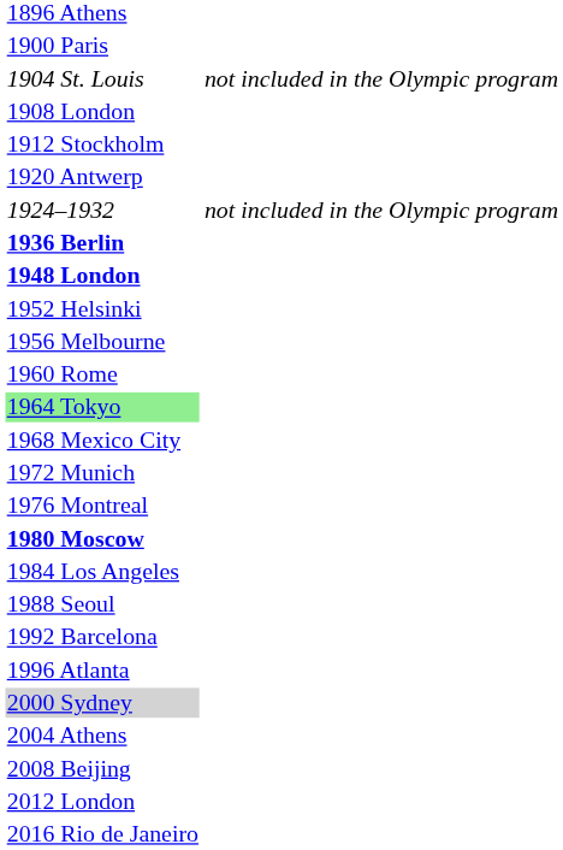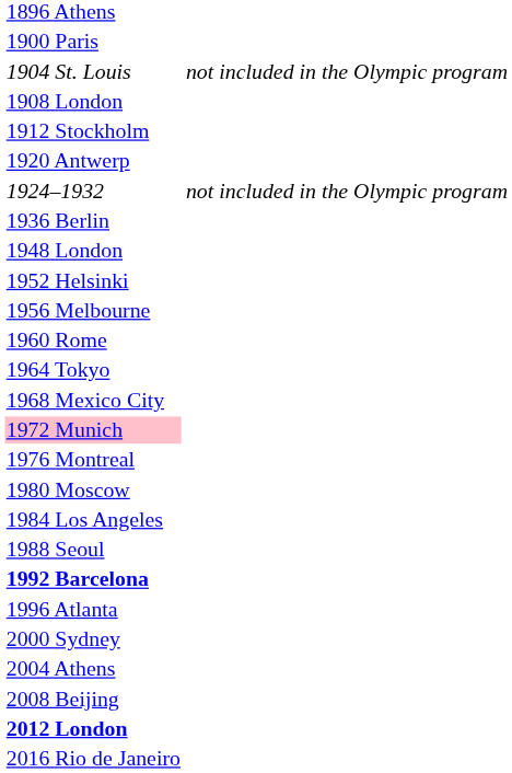 <table>
 <tr>
 <td><a href='#'>1896 Athens</a><br></td>
 <td></td>
 <td></td>
 <td></td>
 </tr>
 <tr>
 <td><a href='#'>1900 Paris</a><br></td>
 <td></td>
 <td></td>
 <td></td>
 </tr>
 <tr>
 <td><em>1904 St. Louis</em></td>
 <td colspan=3 align=center><em>not included in the Olympic program</em></td>
 </tr>
 <tr>
 <td><a href='#'>1908 London</a><br></td>
 <td></td>
 <td></td>
 <td></td>
 </tr>
 <tr>
 <td><a href='#'>1912 Stockholm</a><br></td>
 <td></td>
 <td></td>
 <td></td>
 </tr>
 <tr>
 <td><a href='#'>1920 Antwerp</a><br></td>
 <td></td>
 <td></td>
 <td></td>
 </tr>
 <tr>
 <td><em>1924–1932</em></td>
 <td colspan=3 align=center><em>not included in the Olympic program</em></td>
 </tr>
 <tr>
-<td><strong><a href='#'>1936 Berlin</a><br></strong></td>
+<td><a href='#'>1936 Berlin</a><br></td>
 <td></td>
 <td></td>
 <td></td>
 </tr>
 <tr>
-<td><strong><a href='#'>1948 London</a><br></strong></td>
+<td><a href='#'>1948 London</a><br></td>
 <td></td>
 <td></td>
 <td></td>
 </tr>
 <tr>
 <td><a href='#'>1952 Helsinki</a><br></td>
 <td></td>
 <td></td>
 <td></td>
 </tr>
 <tr>
 <td><a href='#'>1956 Melbourne</a><br></td>
 <td></td>
 <td></td>
 <td></td>
 </tr>
 <tr>
 <td><a href='#'>1960 Rome</a><br></td>
 <td></td>
 <td></td>
 <td></td>
 </tr>
 <tr>
-<td style="background: lightgreen;"><a href='#'>1964 Tokyo</a><br></td>
+<td><a href='#'>1964 Tokyo</a><br></td>
 <td></td>
 <td></td>
 <td></td>
 </tr>
 <tr>
 <td><a href='#'>1968 Mexico City</a><br></td>
 <td></td>
 <td></td>
 <td></td>
 </tr>
 <tr>
-<td><a href='#'>1972 Munich</a><br></td>
+<td style="background: pink;"><a href='#'>1972 Munich</a><br></td>
 <td></td>
 <td></td>
 <td></td>
 </tr>
 <tr>
 <td><a href='#'>1976 Montreal</a><br></td>
 <td></td>
 <td></td>
 <td></td>
 </tr>
 <tr>
-<td><strong><a href='#'>1980 Moscow</a><br></strong></td>
+<td><a href='#'>1980 Moscow</a><br></td>
 <td></td>
 <td></td>
 <td></td>
 </tr>
 <tr>
 <td><a href='#'>1984 Los Angeles</a><br></td>
 <td></td>
 <td></td>
 <td></td>
 </tr>
 <tr>
 <td><a href='#'>1988 Seoul</a><br></td>
 <td></td>
 <td></td>
 <td></td>
 </tr>
 <tr>
-<td><a href='#'>1992 Barcelona</a><br></td>
+<td><strong><a href='#'>1992 Barcelona</a><br></strong></td>
 <td></td>
 <td></td>
 <td></td>
 </tr>
 <tr>
 <td><a href='#'>1996 Atlanta</a><br></td>
 <td></td>
 <td></td>
 <td></td>
 </tr>
 <tr>
-<td style="background: lightgrey;"><a href='#'>2000 Sydney</a><br></td>
+<td><a href='#'>2000 Sydney</a><br></td>
 <td></td>
 <td></td>
 <td></td>
 </tr>
 <tr>
 <td><a href='#'>2004 Athens</a><br></td>
 <td></td>
 <td></td>
 <td></td>
 </tr>
 <tr>
 <td><a href='#'>2008 Beijing</a><br></td>
 <td></td>
 <td></td>
 <td></td>
 </tr>
 <tr>
-<td><a href='#'>2012 London</a><br></td>
+<td><strong><a href='#'>2012 London</a><br></strong></td>
 <td></td>
 <td></td>
 <td></td>
 </tr>
 <tr>
 <td><a href='#'>2016 Rio de Janeiro</a><br></td>
 <td></td>
 <td></td>
 <td></td>
 </tr>
 <tr>
 </tr>
 </table>
